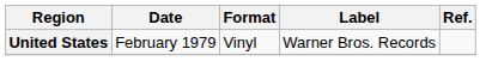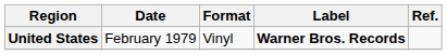 <table class="wikitable plainrowheaders">
 <tr>
 <th scope="col">Region</th>
 <th scope="col">Date</th>
 <th scope="col">Format</th>
 <th scope="col">Label</th>
 <th scope="col">Ref.</th>
 </tr>
 <tr>
 <th scope="row">United States</th>
 <td>February 1979</td>
 <td>Vinyl</td>
-<td>Warner Bros. Records</td>
+<td><strong>Warner Bros. Records</strong></td>
 <td></td>
 </tr>
 <tr>
 </tr>
 </table>
